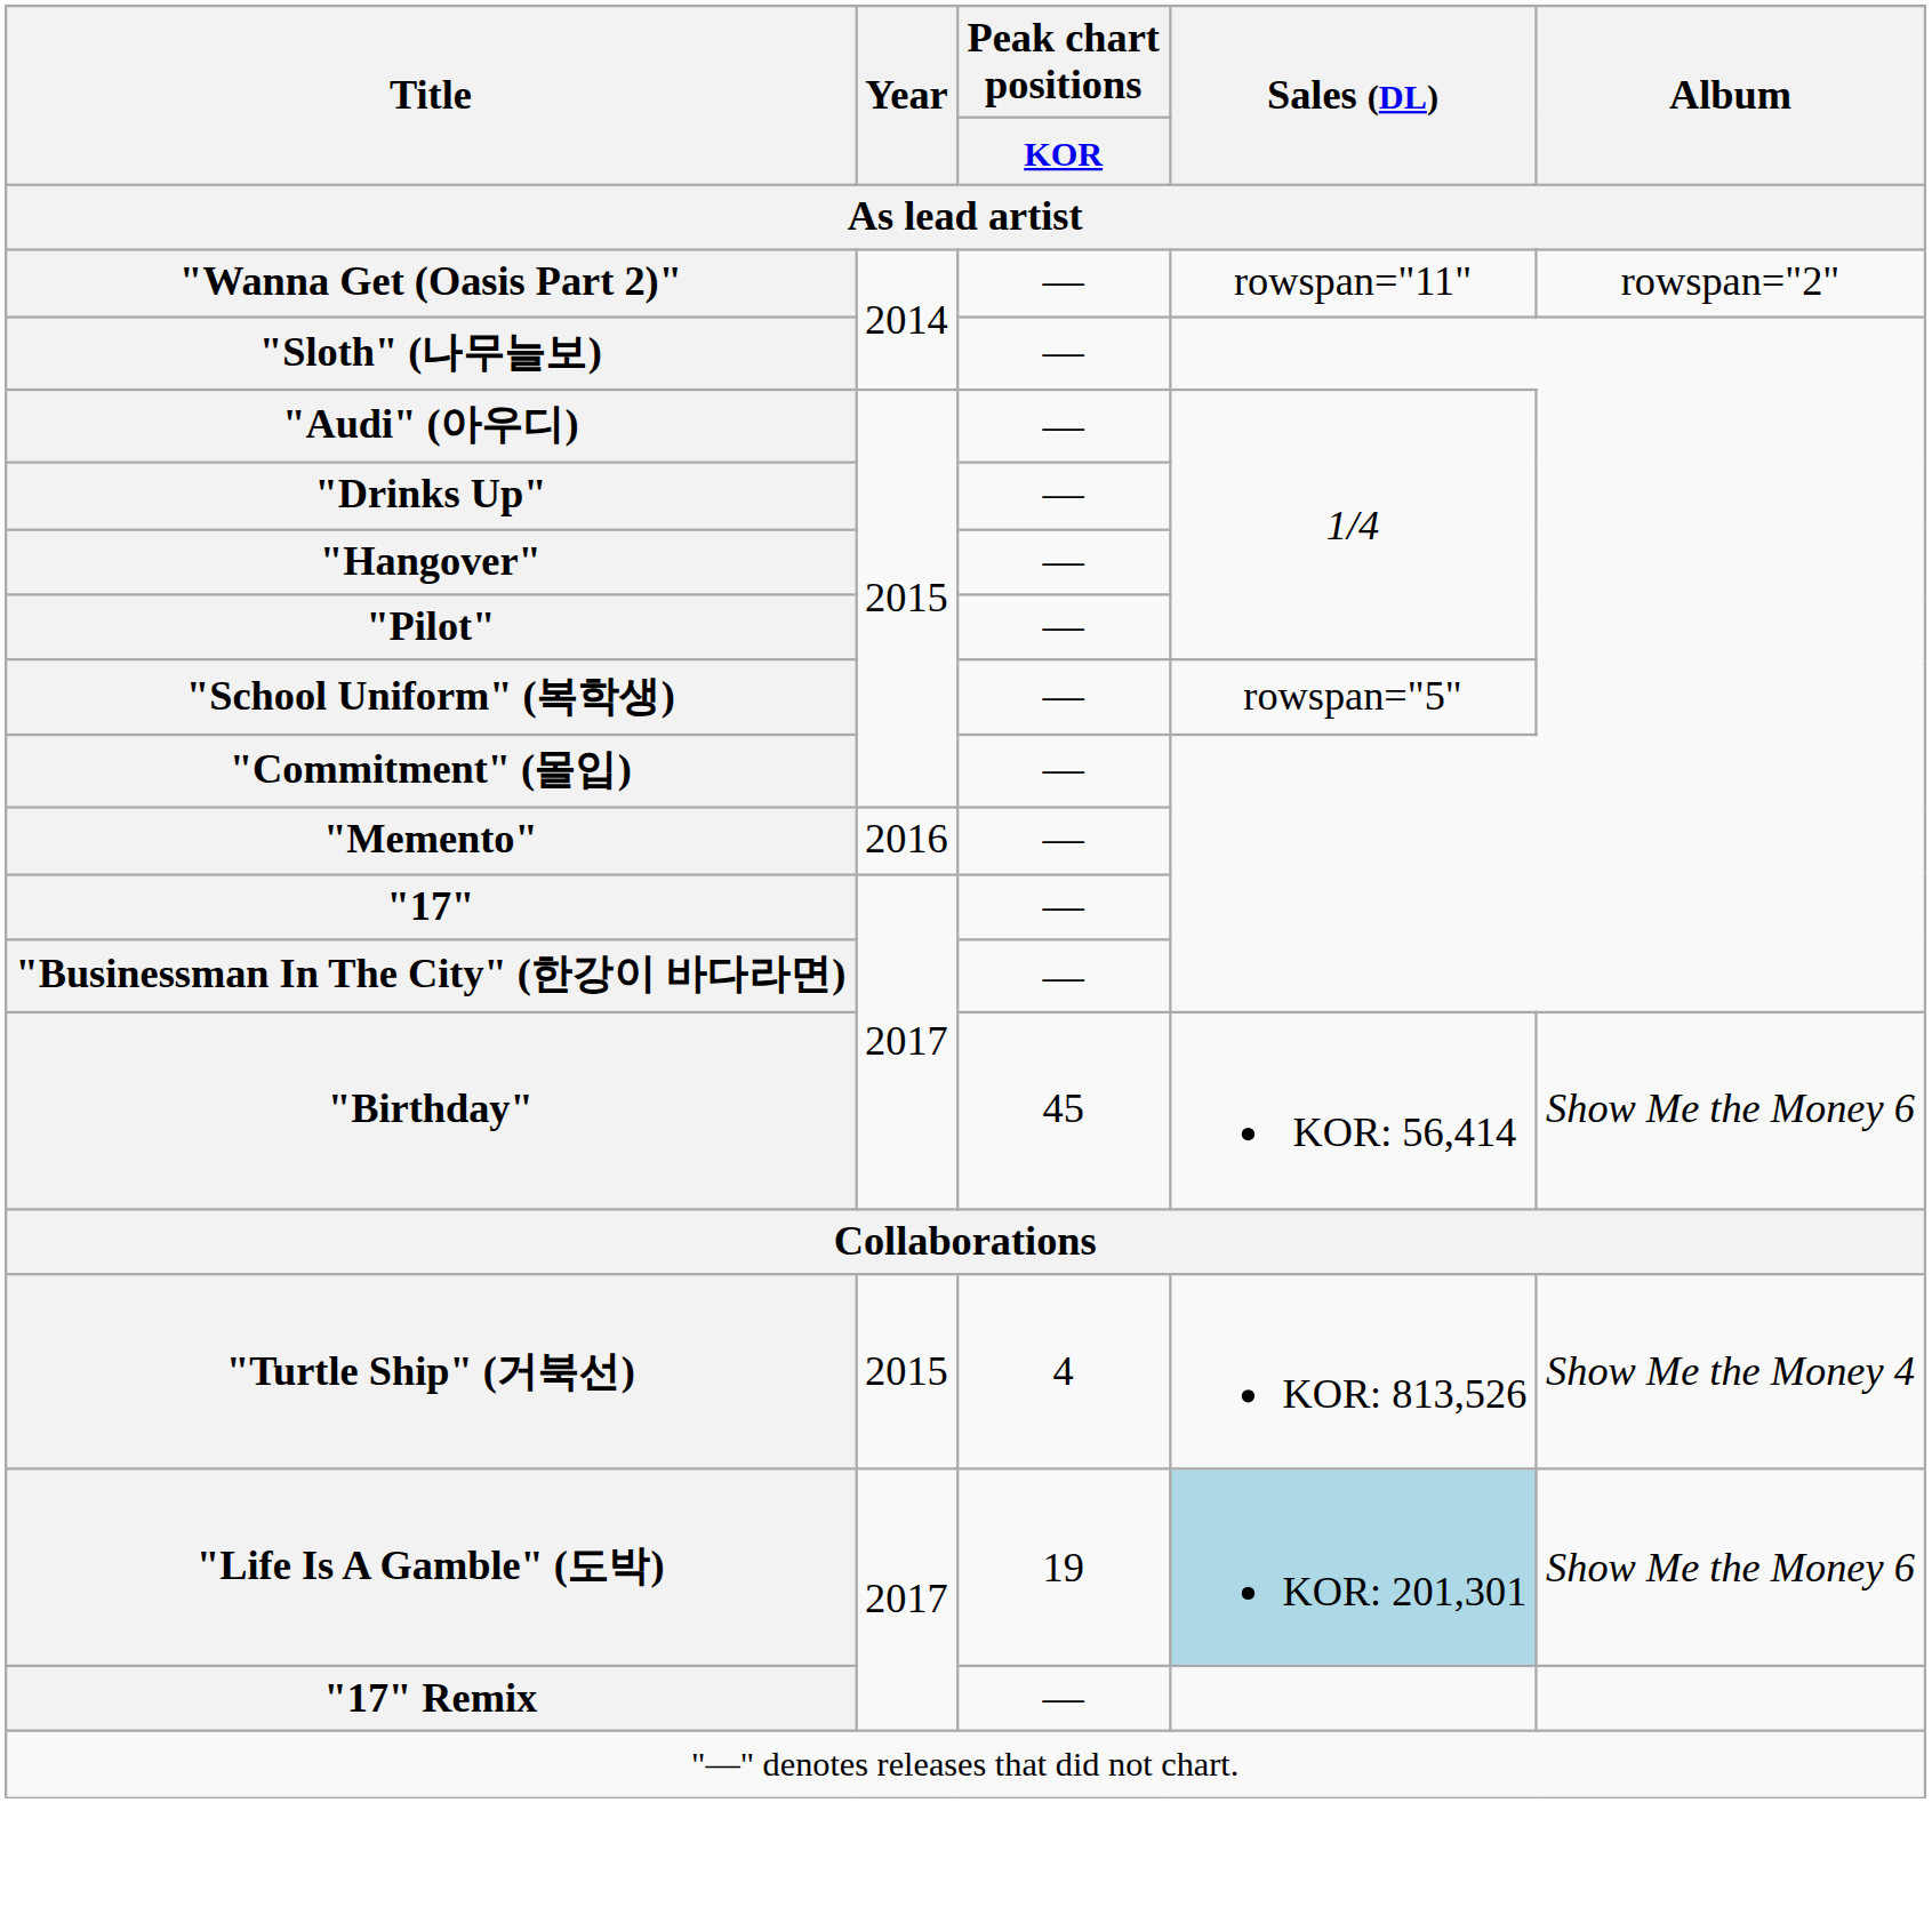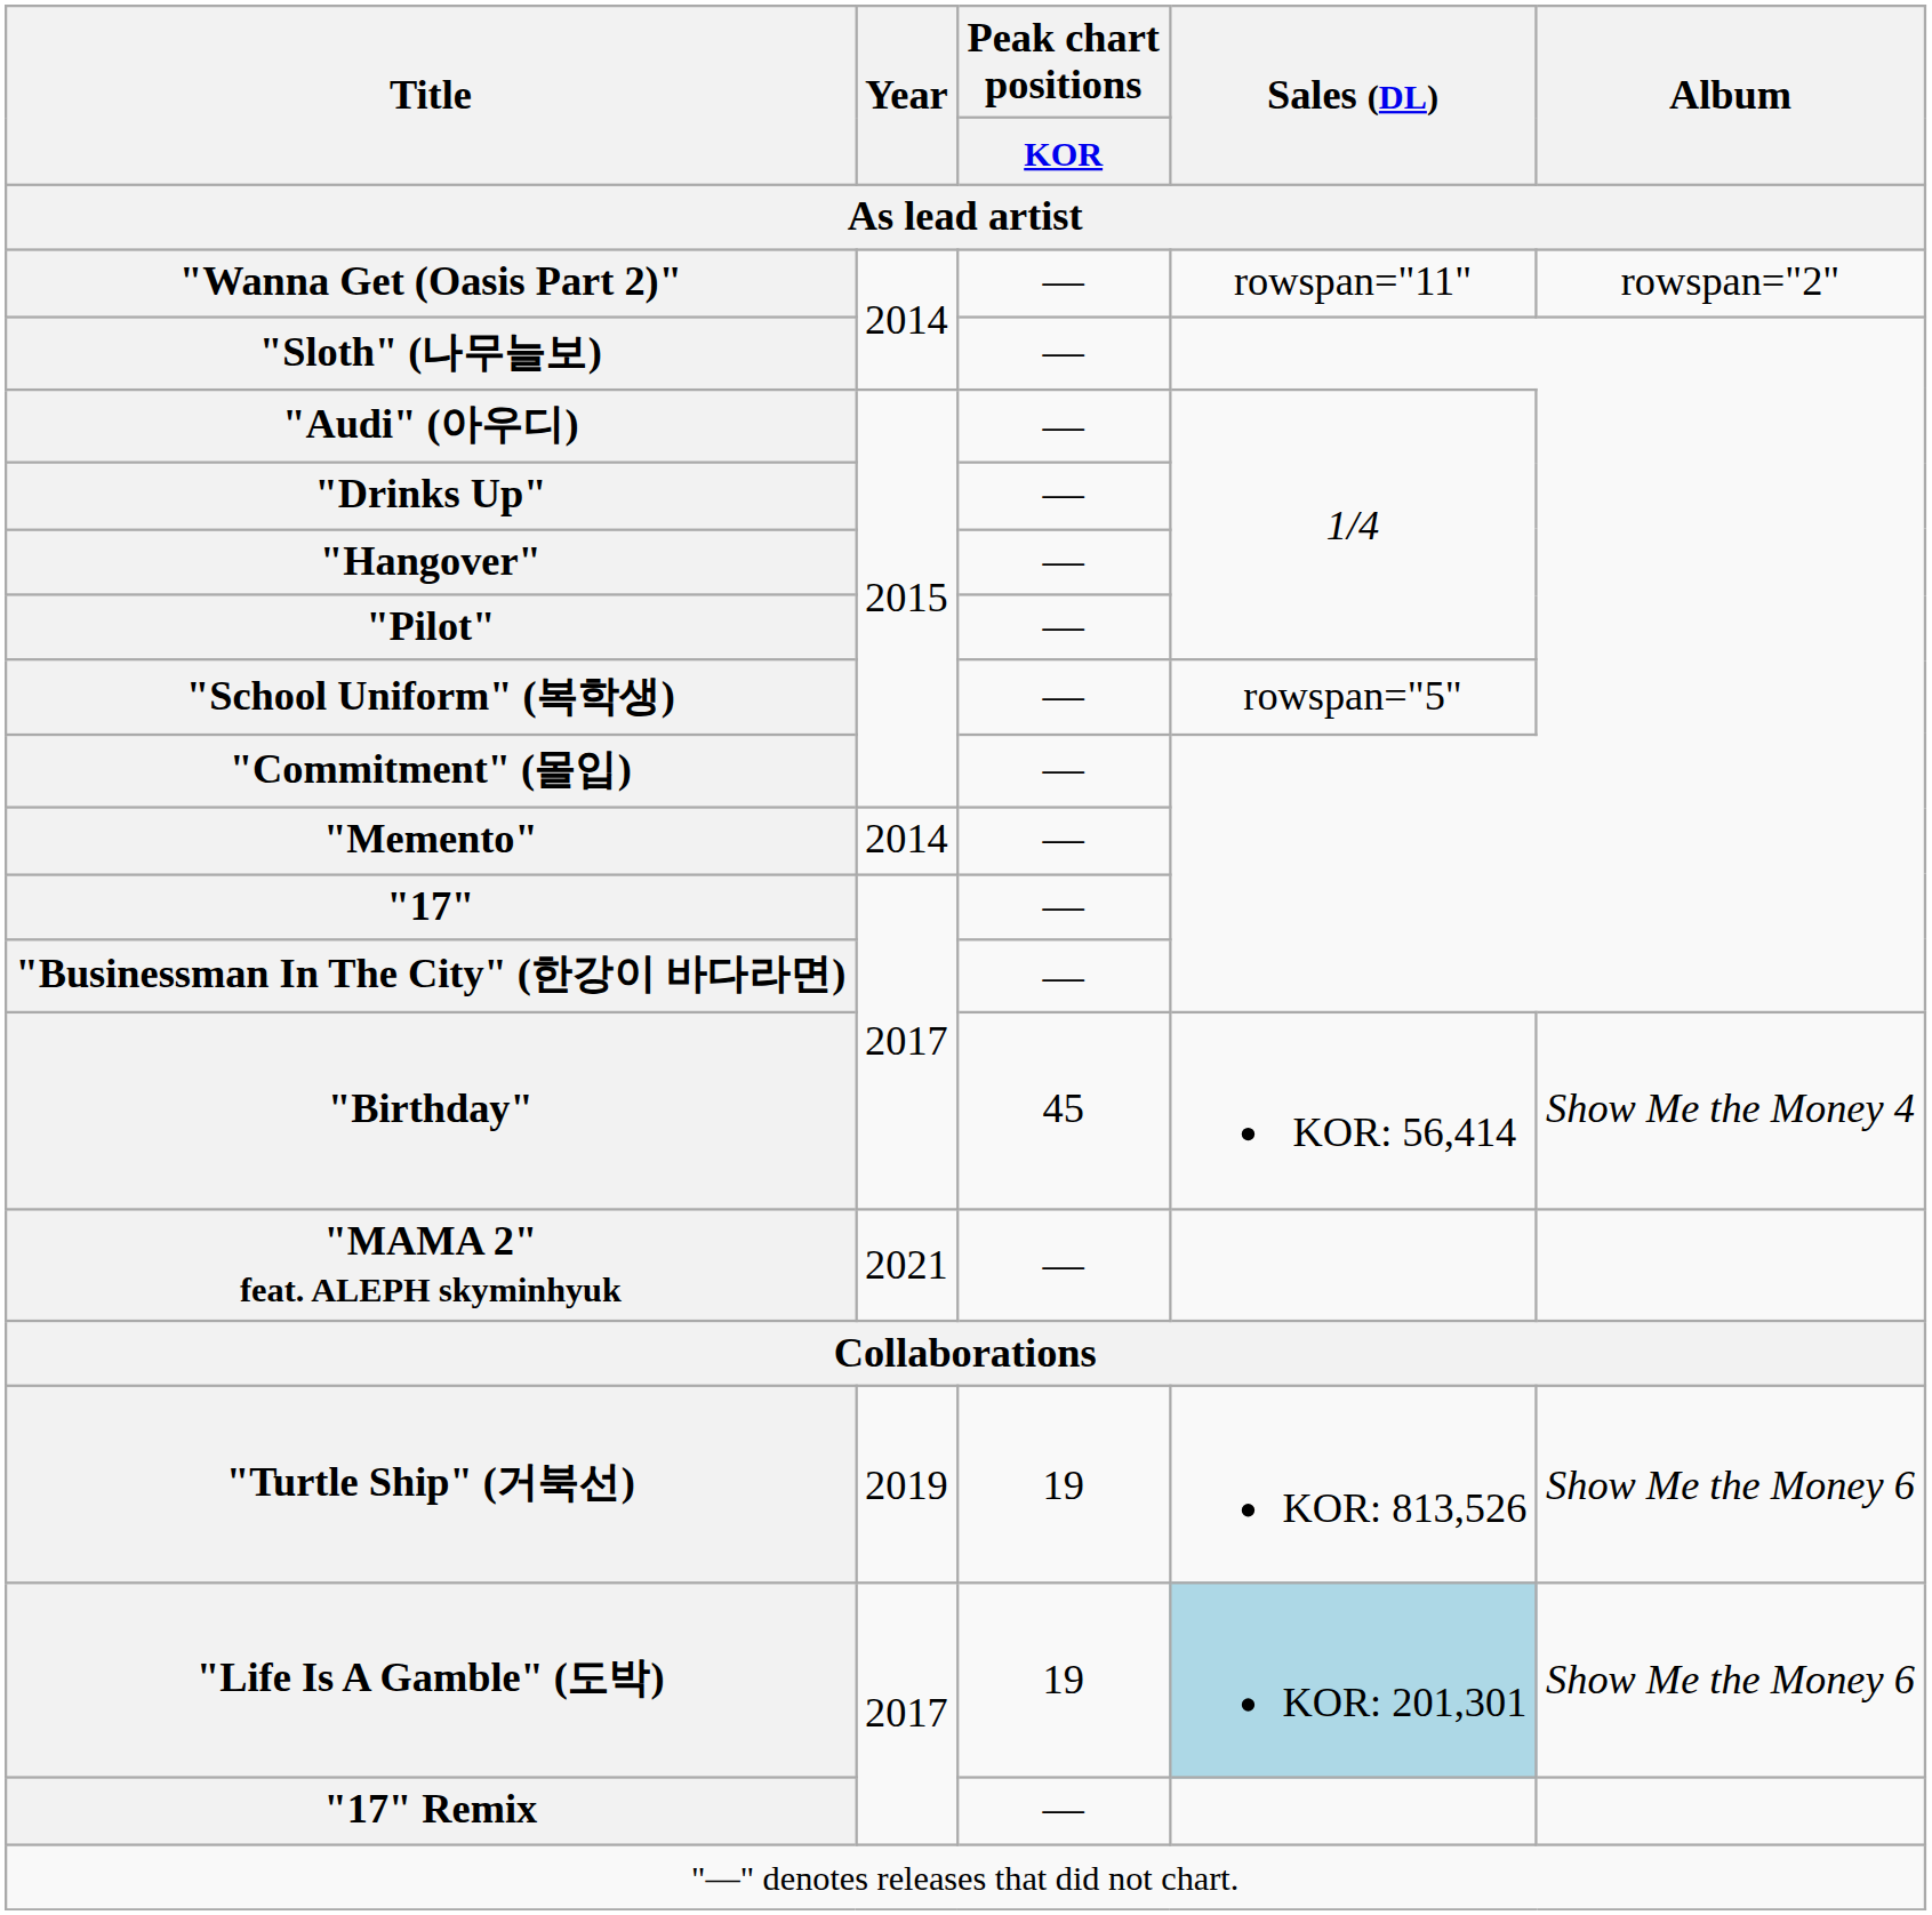 <table class="wikitable plainrowheaders" style="text-align:center;">
 <tr>
 <th scope="col" rowspan="2">Title</th>
 <th scope="col" rowspan="2">Year</th>
 <th scope="col" colspan="1">Peak chart <br> positions</th>
 <th scope="col" rowspan="2">Sales <small>(<a href='#'>DL</a>)</small></th>
 <th scope="col" rowspan="2">Album</th>
 </tr>
 <tr>
 <th><small><a href='#'>KOR</a></small><br></th>
 </tr>
 <tr>
 <th scope="col" colspan="5">As lead artist</th>
 </tr>
 <tr>
 <th scope="row">"Wanna Get (Oasis Part 2)"</th>
 <td rowspan="2">2014</td>
 <td>—</td>
 <td>rowspan="11" </td>
 <td>rowspan="2" </td>
 </tr>
 <tr>
 <th scope="row">"Sloth" (나무늘보)</th>
 <td>—</td>
 </tr>
 <tr>
 <th scope="row">"Audi" (아우디)</th>
 <td rowspan="6">2015</td>
 <td>—</td>
 <td rowspan="4"><em>1/4</em></td>
 </tr>
 <tr>
 <th scope="row">"Drinks Up"<br></th>
 <td>—</td>
 </tr>
 <tr>
 <th scope="row">"Hangover"</th>
 <td>—</td>
 </tr>
 <tr>
 <th scope="row">"Pilot"</th>
 <td>—</td>
 </tr>
 <tr>
 <th scope="row">"School Uniform" (복학생)</th>
 <td>—</td>
 <td>rowspan="5" </td>
 </tr>
 <tr>
 <th scope="row">"Commitment" (몰입)</th>
 <td>—</td>
 </tr>
 <tr>
 <th scope="row">"Memento"<br></th>
-<td>2016</td>
+<td>2014</td>
 <td>—</td>
 </tr>
 <tr>
 <th scope="row">"17"<br></th>
 <td rowspan="3">2017</td>
 <td>—</td>
 </tr>
 <tr>
 <th scope="row">"Businessman In The City" (한강이 바다라면)<br></th>
 <td>—</td>
 </tr>
 <tr>
 <th scope="row">"Birthday"<br></th>
 <td>45</td>
 <td><br><ul><li>KOR: 56,414</li></ul></td>
-<td><em>Show Me the Money 6</em></td>
+<td><em>Show Me the Money 4</em></td>
+</tr>
+<tr>
+<th>"MAMA 2"<br><small>feat. ALEPH skyminhyuk</small></th>
+<td>2021</td>
+<td>—</td>
+<td></td>
+<td></td>
 </tr>
 <tr>
 <th scope="col" colspan="5">Collaborations</th>
 </tr>
 <tr>
 <th scope="row">"Turtle Ship" (거북선)<br></th>
-<td>2015</td>
-<td>4</td>
+<td>2019</td>
+<td>19</td>
 <td><br><ul><li>KOR: 813,526</li></ul></td>
-<td><em>Show Me the Money 4</em></td>
+<td><em>Show Me the Money 6</em></td>
 </tr>
 <tr>
 <th scope="row">"Life Is A Gamble" (도박)<br></th>
 <td rowspan="2">2017</td>
 <td>19</td>
 <td style="background: lightblue;"><br><ul><li>KOR: 201,301</li></ul></td>
 <td><em>Show Me the Money 6</em></td>
 </tr>
 <tr>
 <th scope="row">"17" Remix<br></th>
 <td>—</td>
 <td></td>
 <td></td>
 </tr>
 <tr>
 <td colspan="5" align="center"><small>"—" denotes releases that did not chart.</small></td>
 </tr>
 </table>
